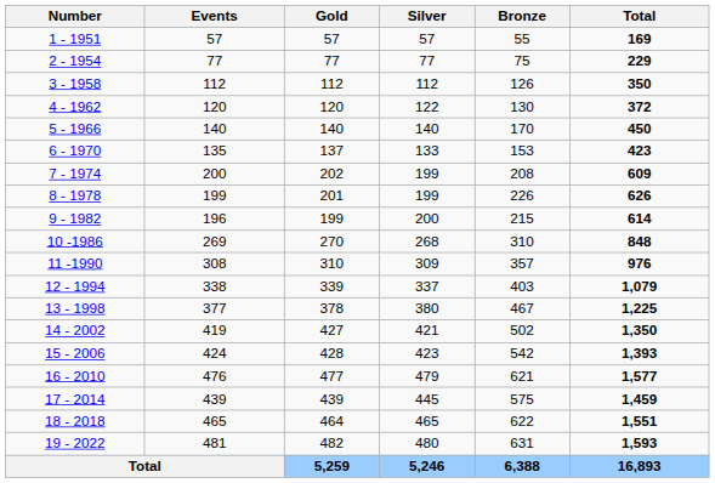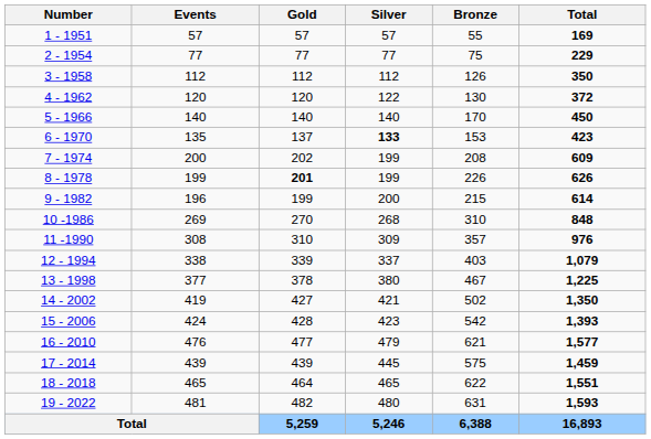 <table class="wikitable" style="font-size:100%">
 <tr>
 <th width=150>Number</th>
 <th width=150>Events</th>
 <th width=100>Gold</th>
 <th width=100>Silver</th>
 <th width=100>Bronze</th>
 <th width=150>Total</th>
 </tr>
 <tr>
 <td align=center><a href='#'>1 - 1951</a></td>
 <td align=center>57</td>
 <td align=center>57</td>
 <td align=center>57</td>
 <td align=center>55</td>
 <td align=center><strong>169</strong></td>
 </tr>
 <tr>
 <td align=center><a href='#'>2 - 1954</a></td>
 <td align=center>77</td>
 <td align=center>77</td>
 <td align=center>77</td>
 <td align=center>75</td>
 <td align=center><strong>229</strong></td>
 </tr>
 <tr>
 <td align=center><a href='#'>3 - 1958</a></td>
 <td align=center>112</td>
 <td align=center>112</td>
 <td align=center>112</td>
 <td align=center>126</td>
 <td align=center><strong>350</strong></td>
 </tr>
 <tr>
 <td align=center><a href='#'>4 - 1962</a></td>
 <td align=center>120</td>
 <td align=center>120</td>
 <td align=center>122</td>
 <td align=center>130</td>
 <td align=center><strong>372</strong></td>
 </tr>
 <tr>
 <td align=center><a href='#'>5 - 1966</a></td>
 <td align=center>140</td>
 <td align=center>140</td>
 <td align=center>140</td>
 <td align=center>170</td>
 <td align=center><strong>450</strong></td>
 </tr>
 <tr>
 <td align=center><a href='#'>6 - 1970</a></td>
 <td align=center>135</td>
 <td align=center>137</td>
-<td align=center>133</td>
+<td align=center><strong>133</strong></td>
 <td align=center>153</td>
 <td align=center><strong>423</strong></td>
 </tr>
 <tr>
 <td align=center><a href='#'>7 - 1974</a></td>
 <td align=center>200</td>
 <td align=center>202</td>
 <td align=center>199</td>
 <td align=center>208</td>
 <td align=center><strong>609</strong></td>
 </tr>
 <tr>
 <td align=center><a href='#'>8 - 1978</a></td>
 <td align=center>199</td>
-<td align=center>201</td>
+<td align=center><strong>201</strong></td>
 <td align=center>199</td>
 <td align=center>226</td>
 <td align=center><strong>626</strong></td>
 </tr>
 <tr>
 <td align=center><a href='#'>9 - 1982</a></td>
 <td align=center>196</td>
 <td align=center>199</td>
 <td align=center>200</td>
 <td align=center>215</td>
 <td align=center><strong>614</strong></td>
 </tr>
 <tr>
 <td align=center><a href='#'>10 -1986</a></td>
 <td align=center>269</td>
 <td align=center>270</td>
 <td align=center>268</td>
 <td align=center>310</td>
 <td align=center><strong>848</strong></td>
 </tr>
 <tr>
 <td align=center><a href='#'>11 -1990</a></td>
 <td align=center>308</td>
 <td align=center>310</td>
 <td align=center>309</td>
 <td align=center>357</td>
 <td align=center><strong>976</strong></td>
 </tr>
 <tr>
 <td align=center><a href='#'>12 - 1994</a></td>
 <td align=center>338</td>
 <td align=center>339</td>
 <td align=center>337</td>
 <td align=center>403</td>
 <td align=center><strong>1,079</strong></td>
 </tr>
 <tr>
 <td align=center><a href='#'>13 - 1998</a></td>
 <td align=center>377</td>
 <td align=center>378</td>
 <td align=center>380</td>
 <td align=center>467</td>
 <td align=center><strong>1,225</strong></td>
 </tr>
 <tr>
 <td align=center><a href='#'>14 - 2002</a></td>
 <td align=center>419</td>
 <td align=center>427</td>
 <td align=center>421</td>
 <td align=center>502</td>
 <td align=center><strong>1,350</strong></td>
 </tr>
 <tr>
 <td align=center><a href='#'>15 - 2006</a></td>
 <td align=center>424</td>
 <td align=center>428</td>
 <td align=center>423</td>
 <td align=center>542</td>
 <td align=center><strong>1,393</strong></td>
 </tr>
 <tr>
 <td align=center><a href='#'>16 - 2010</a></td>
 <td align=center>476</td>
 <td align=center>477</td>
 <td align=center>479</td>
 <td align=center>621</td>
 <td align=center><strong>1,577</strong></td>
 </tr>
 <tr>
 <td align=center><a href='#'>17 - 2014</a></td>
 <td align=center>439</td>
 <td align=center>439</td>
 <td align=center>445</td>
 <td align=center>575</td>
 <td align=center><strong>1,459</strong></td>
 </tr>
 <tr>
 <td align=center><a href='#'>18 - 2018</a></td>
 <td align=center>465</td>
 <td align=center>464</td>
 <td align=center>465</td>
 <td align=center>622</td>
 <td align=center><strong>1,551</strong></td>
 </tr>
 <tr>
 <td align=center><a href='#'>19 - 2022</a></td>
 <td align=center>481</td>
 <td align=center>482</td>
 <td align=center>480</td>
 <td align=center>631</td>
 <td align=center><strong>1,593</strong></td>
 </tr>
 <tr style="background:#9acdff;">
 <th colspan=2>Total</th>
 <td align=center><strong>5,259</strong></td>
 <td align=center><strong>5,246</strong></td>
 <td align=center><strong>6,388</strong></td>
 <td align=center><strong>16,893</strong></td>
 </tr>
 </table>
